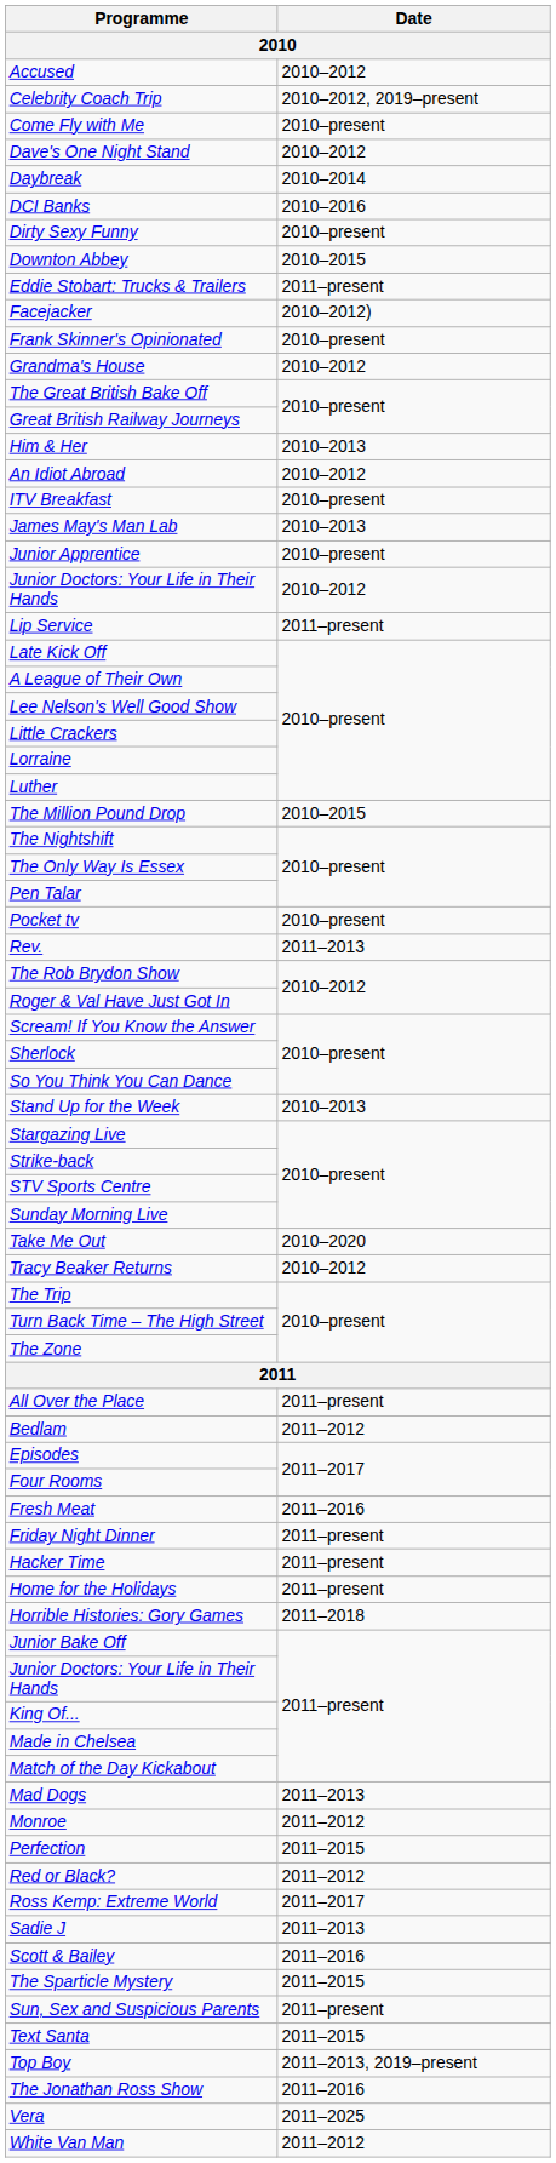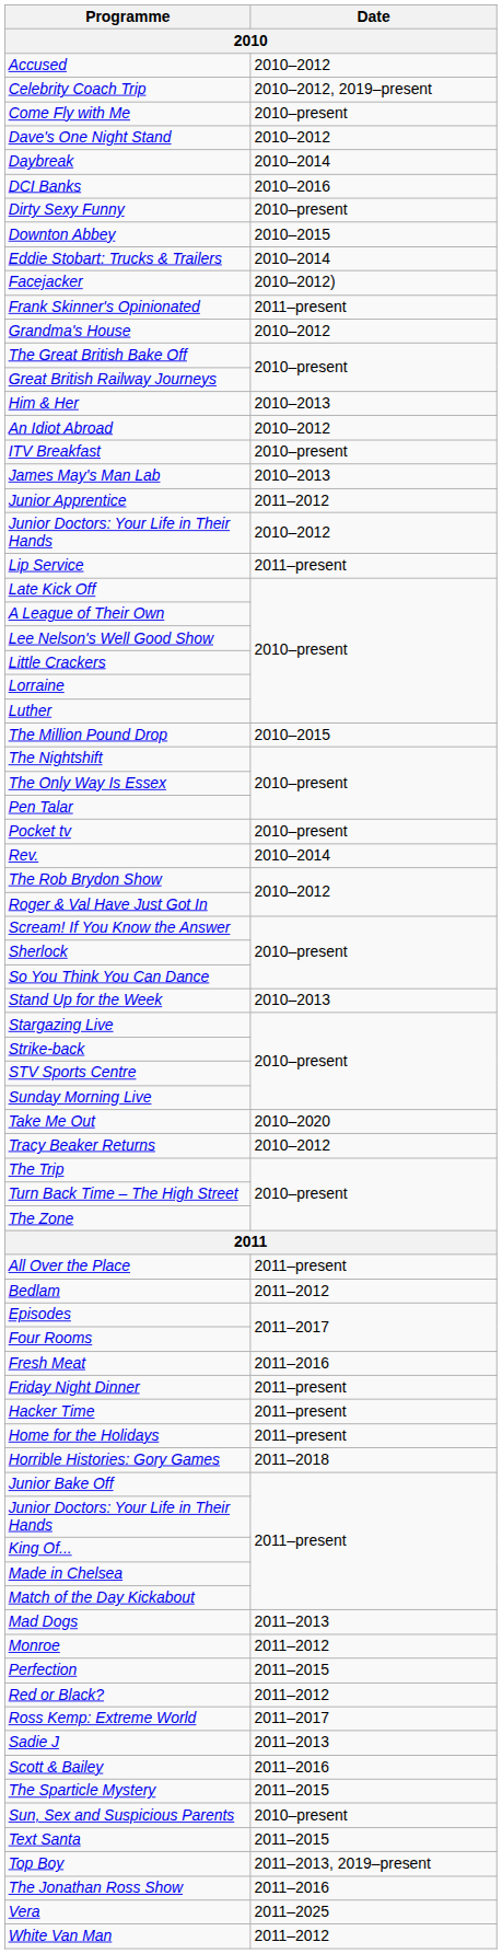 <table class="wikitable">
 <tr>
 <th width=251>Programme</th>
 <th width=251>Date</th>
 </tr>
 <tr>
 <th colspan=2>2010</th>
 </tr>
 <tr>
 <td><em><a href='#'>Accused</a></em></td>
 <td>2010–2012</td>
 </tr>
 <tr>
 <td><em><a href='#'>Celebrity Coach Trip</a></em></td>
 <td>2010–2012, 2019–present</td>
 </tr>
 <tr>
 <td><em><a href='#'>Come Fly with Me</a></em></td>
 <td>2010–present</td>
 </tr>
 <tr>
 <td><em><a href='#'>Dave's One Night Stand</a></em></td>
 <td>2010–2012</td>
 </tr>
 <tr>
 <td><em><a href='#'>Daybreak</a></em></td>
 <td>2010–2014</td>
 </tr>
 <tr>
 <td><em><a href='#'>DCI Banks</a></em></td>
 <td>2010–2016</td>
 </tr>
 <tr>
 <td><em><a href='#'>Dirty Sexy Funny</a></em></td>
 <td>2010–present</td>
 </tr>
 <tr>
 <td><em><a href='#'>Downton Abbey</a></em></td>
 <td>2010–2015</td>
 </tr>
 <tr>
 <td><em><a href='#'>Eddie Stobart: Trucks & Trailers</a></em></td>
-<td>2011–present</td>
+<td>2010–2014</td>
 </tr>
 <tr>
 <td><em><a href='#'>Facejacker</a></em></td>
 <td>2010–2012)</td>
 </tr>
 <tr>
 <td><em><a href='#'>Frank Skinner's Opinionated</a></em></td>
-<td>2010–present</td>
+<td>2011–present</td>
 </tr>
 <tr>
 <td><em><a href='#'>Grandma's House</a></em></td>
 <td>2010–2012</td>
 </tr>
 <tr>
 <td><em><a href='#'>The Great British Bake Off</a></em></td>
 <td rowspan="2">2010–present</td>
 </tr>
 <tr>
 <td><em><a href='#'>Great British Railway Journeys</a></em></td>
 </tr>
 <tr>
 <td><em><a href='#'>Him & Her</a></em></td>
 <td>2010–2013</td>
 </tr>
 <tr>
 <td><em><a href='#'>An Idiot Abroad</a></em></td>
 <td>2010–2012</td>
 </tr>
 <tr>
 <td><em><a href='#'>ITV Breakfast</a></em></td>
 <td>2010–present</td>
 </tr>
 <tr>
 <td><em><a href='#'>James May's Man Lab</a></em></td>
 <td>2010–2013</td>
 </tr>
 <tr>
 <td><em><a href='#'>Junior Apprentice</a></em></td>
-<td>2010–present</td>
+<td>2011–2012</td>
 </tr>
 <tr>
 <td><em><a href='#'>Junior Doctors: Your Life in Their Hands</a></em></td>
 <td>2010–2012</td>
 </tr>
 <tr>
 <td><em><a href='#'>Lip Service</a></em></td>
 <td>2011–present</td>
 </tr>
 <tr>
 <td><em><a href='#'>Late Kick Off</a></em></td>
 <td rowspan="6">2010–present</td>
 </tr>
 <tr>
 <td><em><a href='#'>A League of Their Own</a></em></td>
 </tr>
 <tr>
 <td><em><a href='#'>Lee Nelson's Well Good Show</a></em></td>
 </tr>
 <tr>
 <td><em><a href='#'>Little Crackers</a></em></td>
 </tr>
 <tr>
 <td><em><a href='#'>Lorraine</a></em></td>
 </tr>
 <tr>
 <td><em><a href='#'>Luther</a></em></td>
 </tr>
 <tr>
 <td><em><a href='#'>The Million Pound Drop</a></em></td>
 <td>2010–2015</td>
 </tr>
 <tr>
 <td><em><a href='#'>The Nightshift</a></em></td>
 <td rowspan="3">2010–present</td>
 </tr>
 <tr>
 <td><em><a href='#'>The Only Way Is Essex</a></em></td>
 </tr>
 <tr>
 <td><em><a href='#'>Pen Talar</a></em></td>
 </tr>
 <tr>
 <td><em><a href='#'>Pocket tv</a></em></td>
 <td>2010–present</td>
 </tr>
 <tr>
 <td><em><a href='#'>Rev.</a></em></td>
-<td>2011–2013</td>
+<td>2010–2014</td>
 </tr>
 <tr>
 <td><em><a href='#'>The Rob Brydon Show</a></em></td>
 <td rowspan="2">2010–2012</td>
 </tr>
 <tr>
 <td><em><a href='#'>Roger & Val Have Just Got In</a></em></td>
 </tr>
 <tr>
 <td><em><a href='#'>Scream! If You Know the Answer</a></em></td>
 <td rowspan="3">2010–present</td>
 </tr>
 <tr>
 <td><em><a href='#'>Sherlock</a></em></td>
 </tr>
 <tr>
 <td><em><a href='#'>So You Think You Can Dance</a></em></td>
 </tr>
 <tr>
 <td><em><a href='#'>Stand Up for the Week</a></em></td>
 <td>2010–2013</td>
 </tr>
 <tr>
 <td><em><a href='#'>Stargazing Live</a></em></td>
 <td rowspan="4">2010–present</td>
 </tr>
 <tr>
 <td><em><a href='#'>Strike-back</a></em></td>
 </tr>
 <tr>
 <td><em><a href='#'>STV Sports Centre</a></em></td>
 </tr>
 <tr>
 <td><em><a href='#'>Sunday Morning Live</a></em></td>
 </tr>
 <tr>
 <td><em><a href='#'>Take Me Out</a></em></td>
 <td>2010–2020</td>
 </tr>
 <tr>
 <td><em><a href='#'>Tracy Beaker Returns</a></em></td>
 <td>2010–2012</td>
 </tr>
 <tr>
 <td><em><a href='#'>The Trip</a></em></td>
 <td rowspan="3">2010–present</td>
 </tr>
 <tr>
 <td><em><a href='#'>Turn Back Time – The High Street</a></em></td>
 </tr>
 <tr>
 <td><em><a href='#'>The Zone</a></em></td>
 </tr>
 <tr>
 <th colspan=2>2011</th>
 </tr>
 <tr>
 <td><em><a href='#'>All Over the Place</a></em></td>
 <td>2011–present</td>
 </tr>
 <tr>
 <td><em><a href='#'>Bedlam</a></em></td>
 <td>2011–2012</td>
 </tr>
 <tr>
 <td><em><a href='#'>Episodes</a></em></td>
 <td rowspan="2">2011–2017</td>
 </tr>
 <tr>
 <td><em><a href='#'>Four Rooms</a></em></td>
 </tr>
 <tr>
 <td><em><a href='#'>Fresh Meat</a></em></td>
 <td>2011–2016</td>
 </tr>
 <tr>
 <td><em><a href='#'>Friday Night Dinner</a></em></td>
 <td>2011–present</td>
 </tr>
 <tr>
 <td><em><a href='#'>Hacker Time</a></em></td>
 <td>2011–present</td>
 </tr>
 <tr>
 <td><em><a href='#'>Home for the Holidays</a></em></td>
 <td>2011–present</td>
 </tr>
 <tr>
 <td><em><a href='#'>Horrible Histories: Gory Games</a></em></td>
 <td>2011–2018</td>
 </tr>
 <tr>
 <td><em><a href='#'>Junior Bake Off</a></em></td>
 <td rowspan="5">2011–present</td>
 </tr>
 <tr>
 <td><em><a href='#'>Junior Doctors: Your Life in Their Hands</a></em></td>
 </tr>
 <tr>
 <td><em><a href='#'>King Of...</a></em></td>
 </tr>
 <tr>
 <td><em><a href='#'>Made in Chelsea</a></em></td>
 </tr>
 <tr>
 <td><em><a href='#'>Match of the Day Kickabout</a></em></td>
 </tr>
 <tr>
 <td><em><a href='#'>Mad Dogs</a></em></td>
 <td>2011–2013</td>
 </tr>
 <tr>
 <td><em><a href='#'>Monroe</a></em></td>
 <td>2011–2012</td>
 </tr>
 <tr>
 <td><em><a href='#'>Perfection</a></em></td>
 <td>2011–2015</td>
 </tr>
 <tr>
 <td><em><a href='#'>Red or Black?</a></em></td>
 <td>2011–2012</td>
 </tr>
 <tr>
 <td><em><a href='#'>Ross Kemp: Extreme World</a></em></td>
 <td>2011–2017</td>
 </tr>
 <tr>
 <td><em><a href='#'>Sadie J</a></em></td>
 <td>2011–2013</td>
 </tr>
 <tr>
 <td><em><a href='#'>Scott & Bailey</a></em></td>
 <td>2011–2016</td>
 </tr>
 <tr>
 <td><em><a href='#'>The Sparticle Mystery</a></em></td>
 <td>2011–2015</td>
 </tr>
 <tr>
 <td><em><a href='#'>Sun, Sex and Suspicious Parents</a></em></td>
-<td>2011–present</td>
+<td>2010–present</td>
 </tr>
 <tr>
 <td><em><a href='#'>Text Santa</a></em></td>
 <td>2011–2015</td>
 </tr>
 <tr>
 <td><em><a href='#'>Top Boy</a></em></td>
 <td>2011–2013, 2019–present</td>
 </tr>
 <tr>
 <td><em><a href='#'>The Jonathan Ross Show</a></em></td>
 <td>2011–2016</td>
 </tr>
 <tr>
 <td><em><a href='#'>Vera</a></em></td>
 <td>2011–2025</td>
 </tr>
 <tr>
 <td><em><a href='#'>White Van Man</a></em></td>
 <td>2011–2012</td>
 </tr>
 </table>
